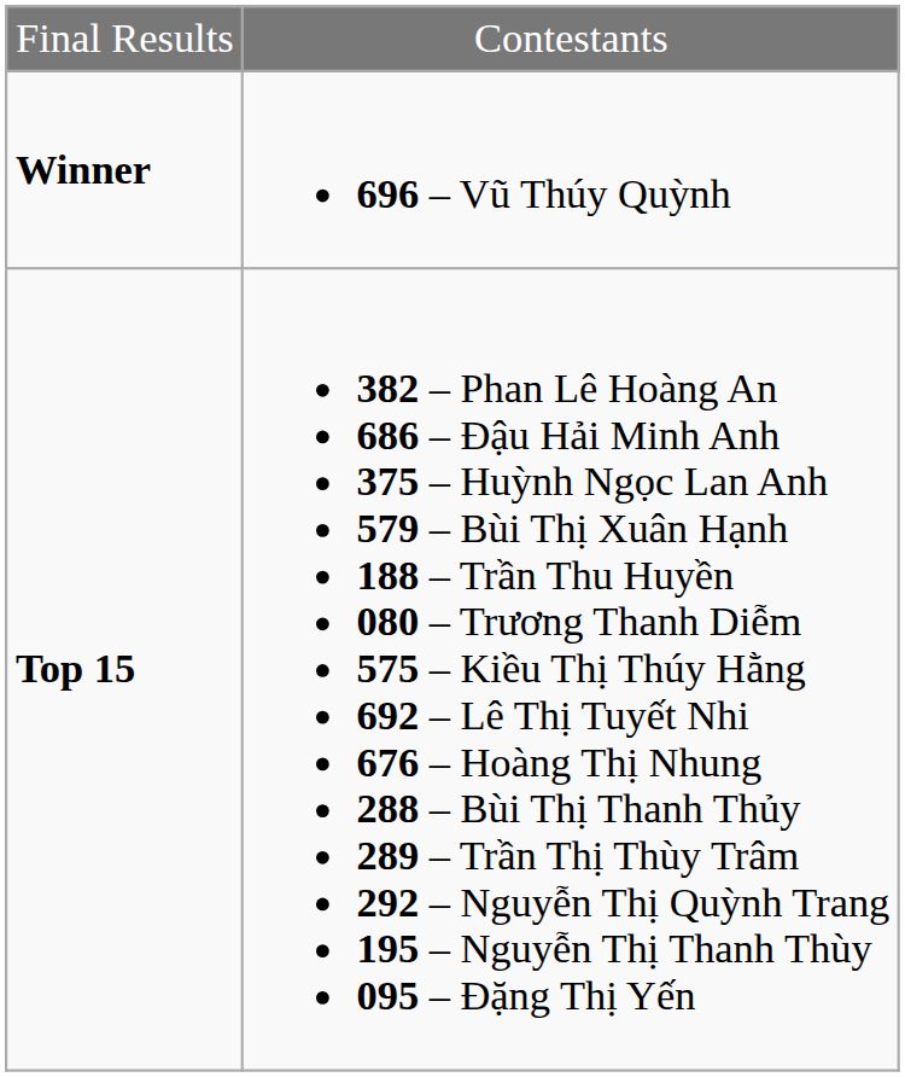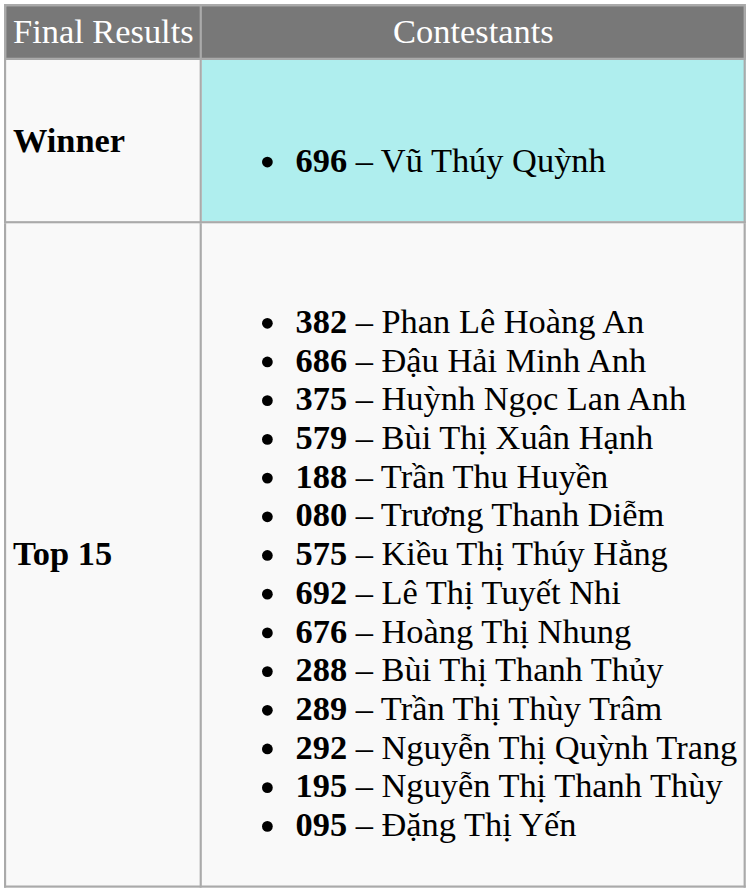 <table class="wikitable">
 <tr bgcolor="#787878" style="color:#FFFFFF" align="center">
 <td>Final Results</td>
 <td>Contestants</td>
 </tr>
 <tr>
 <td><strong>Winner</strong></td>
-<td><br><ul><li><strong>696</strong> – Vũ Thúy Quỳnh</li></ul></td>
+<td style="background: paleturquoise;"><br><ul><li><strong>696</strong> – Vũ Thúy Quỳnh</li></ul></td>
 </tr>
 <tr>
 <td><strong>Top 15</strong></td>
 <td><br><ul><li><strong>382</strong> – Phan Lê Hoàng An</li><li><strong>686</strong> – Đậu Hải Minh Anh</li><li><strong>375</strong> – Huỳnh Ngọc Lan Anh</li><li><strong>579</strong> – Bùi Thị Xuân Hạnh</li><li><strong>188</strong> – Trần Thu Huyền</li><li><strong>080</strong> – Trương Thanh Diễm</li><li><strong>575</strong> – Kiều Thị Thúy Hằng</li><li><strong>692</strong> – Lê Thị Tuyết Nhi</li><li><strong>676</strong> – Hoàng Thị Nhung</li><li><strong>288</strong> – Bùi Thị Thanh Thủy</li><li><strong>289</strong> – Trần Thị Thùy Trâm</li><li><strong>292</strong> – Nguyễn Thị Quỳnh Trang</li><li><strong>195</strong> – Nguyễn Thị Thanh Thùy</li><li><strong>095</strong> – Đặng Thị Yến</li></ul></td>
 </tr>
 </table>
